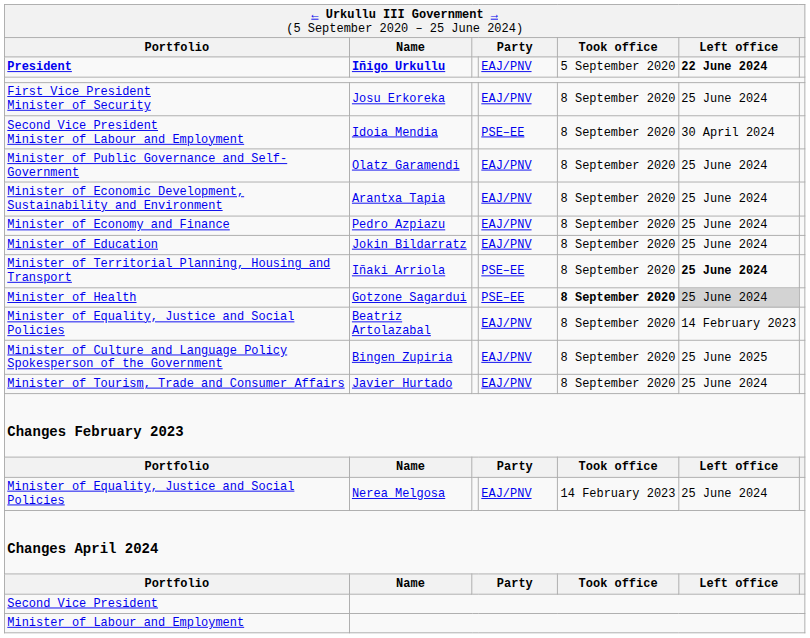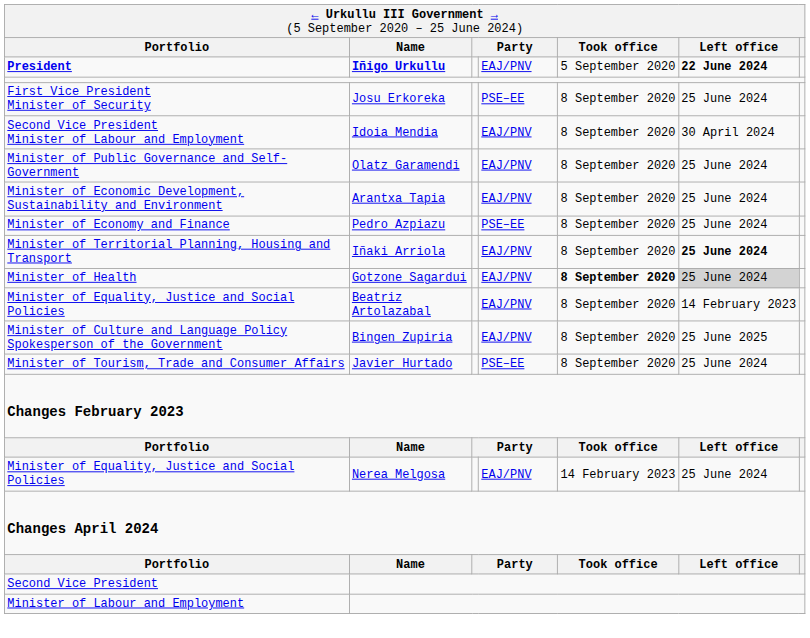 <table class="wikitable">
 <tr>
 <td colspan="7" align="center" bgcolor="#F2F2F2"><a href='#'>←</a> <strong>Urkullu III Government</strong> <a href='#'>→</a><br>(5 September 2020 – 25 June 2024)</td>
 </tr>
 <tr>
 <th>Portfolio</th>
 <th>Name</th>
 <th colspan="2" width="100px">Party</th>
 <th width="125px">Took office</th>
 <th width="125px">Left office</th>
 <th></th>
 </tr>
 <tr>
 <td><strong><a href='#'>President</a></strong></td>
 <td><strong><a href='#'>Iñigo Urkullu</a></strong></td>
 <td width="1" style="color:inherit;background:"></td>
 <td><a href='#'>EAJ/PNV</a></td>
 <td>5 September 2020</td>
 <td><strong>22 June 2024</strong></td>
 <td align="center"></td>
 </tr>
 <tr>
 <td colspan="7"></td>
 </tr>
 <tr>
 <td><a href='#'>First Vice President</a><br><a href='#'>Minister of Security</a></td>
 <td><a href='#'>Josu Erkoreka</a></td>
 <td style="color:inherit;background:"></td>
-<td><a href='#'>EAJ/PNV</a></td>
+<td><a href='#'>PSE–EE</a></td>
 <td>8 September 2020</td>
 <td>25 June 2024</td>
 <td align="center"></td>
 </tr>
 <tr>
 <td><a href='#'>Second Vice President</a><br><a href='#'>Minister of Labour and Employment</a></td>
 <td><a href='#'>Idoia Mendia</a></td>
 <td style="color:inherit;background:"></td>
-<td><a href='#'>PSE–EE</a></td>
+<td><a href='#'>EAJ/PNV</a></td>
 <td>8 September 2020</td>
 <td>30 April 2024</td>
 <td align="center"></td>
 </tr>
 <tr>
 <td><a href='#'>Minister of Public Governance and Self-Government</a></td>
 <td><a href='#'>Olatz Garamendi</a></td>
 <td style="color:inherit;background:"></td>
 <td><a href='#'>EAJ/PNV</a></td>
 <td>8 September 2020</td>
 <td>25 June 2024</td>
 <td align="center"></td>
 </tr>
 <tr>
 <td><a href='#'>Minister of Economic Development, Sustainability and Environment</a></td>
 <td><a href='#'>Arantxa Tapia</a></td>
 <td style="color:inherit;background:"></td>
 <td><a href='#'>EAJ/PNV</a></td>
 <td>8 September 2020</td>
 <td>25 June 2024</td>
 <td align="center"></td>
 </tr>
 <tr>
 <td><a href='#'>Minister of Economy and Finance</a></td>
 <td><a href='#'>Pedro Azpiazu</a></td>
 <td style="color:inherit;background:"></td>
-<td><a href='#'>EAJ/PNV</a></td>
-<td>8 September 2020</td>
-<td>25 June 2024</td>
-<td align="center"></td>
-</tr>
-<tr>
-<td><a href='#'>Minister of Education</a></td>
-<td><a href='#'>Jokin Bildarratz</a></td>
-<td style="color:inherit;background:"></td>
-<td><a href='#'>EAJ/PNV</a></td>
+<td><a href='#'>PSE–EE</a></td>
 <td>8 September 2020</td>
 <td>25 June 2024</td>
 <td align="center"></td>
 </tr>
 <tr>
 <td><a href='#'>Minister of Territorial Planning, Housing and Transport</a></td>
 <td><a href='#'>Iñaki Arriola</a></td>
 <td style="color:inherit;background:"></td>
-<td><a href='#'>PSE–EE</a></td>
+<td><a href='#'>EAJ/PNV</a></td>
 <td>8 September 2020</td>
 <td><strong>25 June 2024</strong></td>
 <td align="center"></td>
 </tr>
 <tr>
 <td><a href='#'>Minister of Health</a></td>
 <td><a href='#'>Gotzone Sagardui</a></td>
 <td style="color:inherit;background:"></td>
-<td><a href='#'>PSE–EE</a></td>
+<td><a href='#'>EAJ/PNV</a></td>
 <td><strong>8 September 2020</strong></td>
 <td style="background: lightgrey;">25 June 2024</td>
 <td align="center"></td>
 </tr>
 <tr>
 <td><a href='#'>Minister of Equality, Justice and Social Policies</a></td>
 <td><a href='#'>Beatriz Artolazabal</a></td>
 <td style="color:inherit;background:"></td>
 <td><a href='#'>EAJ/PNV</a></td>
 <td>8 September 2020</td>
 <td>14 February 2023</td>
 <td align="center"></td>
 </tr>
 <tr>
 <td><a href='#'>Minister of Culture and Language Policy</a><br><a href='#'>Spokesperson of the Government</a></td>
 <td><a href='#'>Bingen Zupiria</a></td>
 <td style="color:inherit;background:"></td>
 <td><a href='#'>EAJ/PNV</a></td>
 <td>8 September 2020</td>
 <td>25 June 2025</td>
 <td align="center"></td>
 </tr>
 <tr>
 <td><a href='#'>Minister of Tourism, Trade and Consumer Affairs</a></td>
 <td><a href='#'>Javier Hurtado</a></td>
 <td style="color:inherit;background:"></td>
-<td><a href='#'>EAJ/PNV</a></td>
+<td><a href='#'>PSE–EE</a></td>
 <td>8 September 2020</td>
 <td>25 June 2024</td>
 <td align="center"></td>
 </tr>
 <tr>
 <td colspan="7"><br><h3>Changes February 2023</h3></td>
 </tr>
 <tr>
 <th>Portfolio</th>
 <th>Name</th>
 <th colspan="2">Party</th>
 <th>Took office</th>
 <th>Left office</th>
 <th></th>
 </tr>
 <tr>
 <td><a href='#'>Minister of Equality, Justice and Social Policies</a></td>
 <td><a href='#'>Nerea Melgosa</a></td>
 <td style="color:inherit;background:"></td>
 <td><a href='#'>EAJ/PNV</a></td>
 <td>14 February 2023</td>
 <td>25 June 2024</td>
 <td align="center"></td>
 </tr>
 <tr>
 <td colspan="7"><br><h3>Changes April 2024</h3></td>
 </tr>
 <tr>
 <th>Portfolio</th>
 <th>Name</th>
 <th colspan="2">Party</th>
 <th>Took office</th>
 <th>Left office</th>
 <th></th>
 </tr>
 <tr>
 <td><a href='#'>Second Vice President</a></td>
 <td colspan="6"></td>
 </tr>
 <tr>
 <td><a href='#'>Minister of Labour and Employment</a></td>
 <td colspan="6"></td>
 </tr>
 </table>
